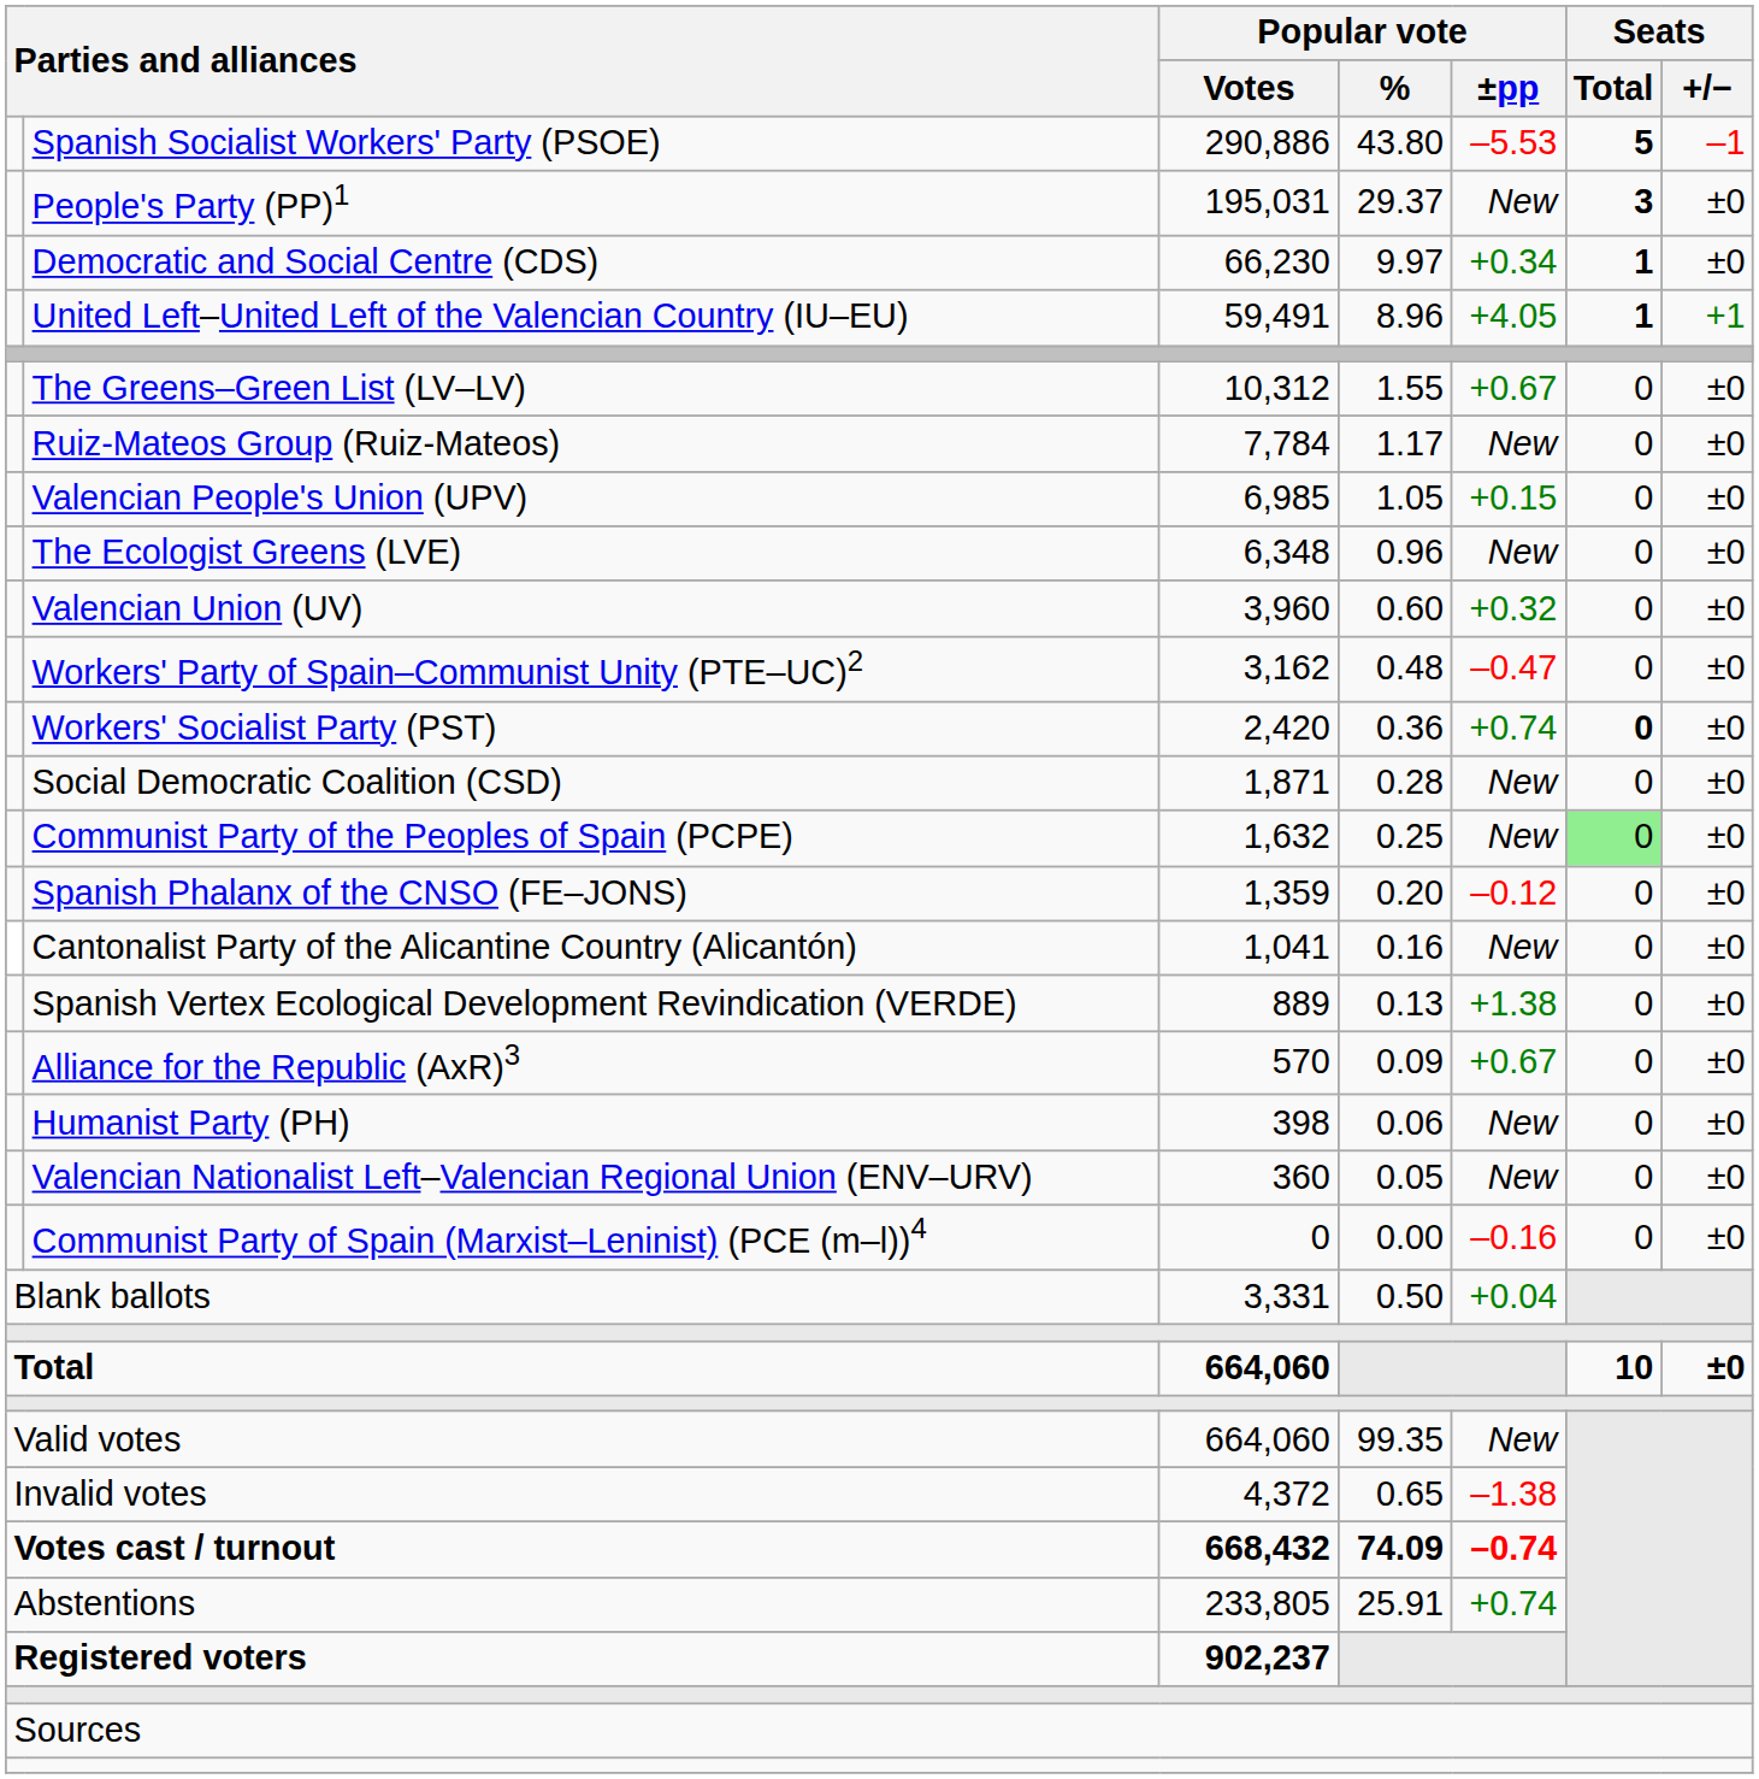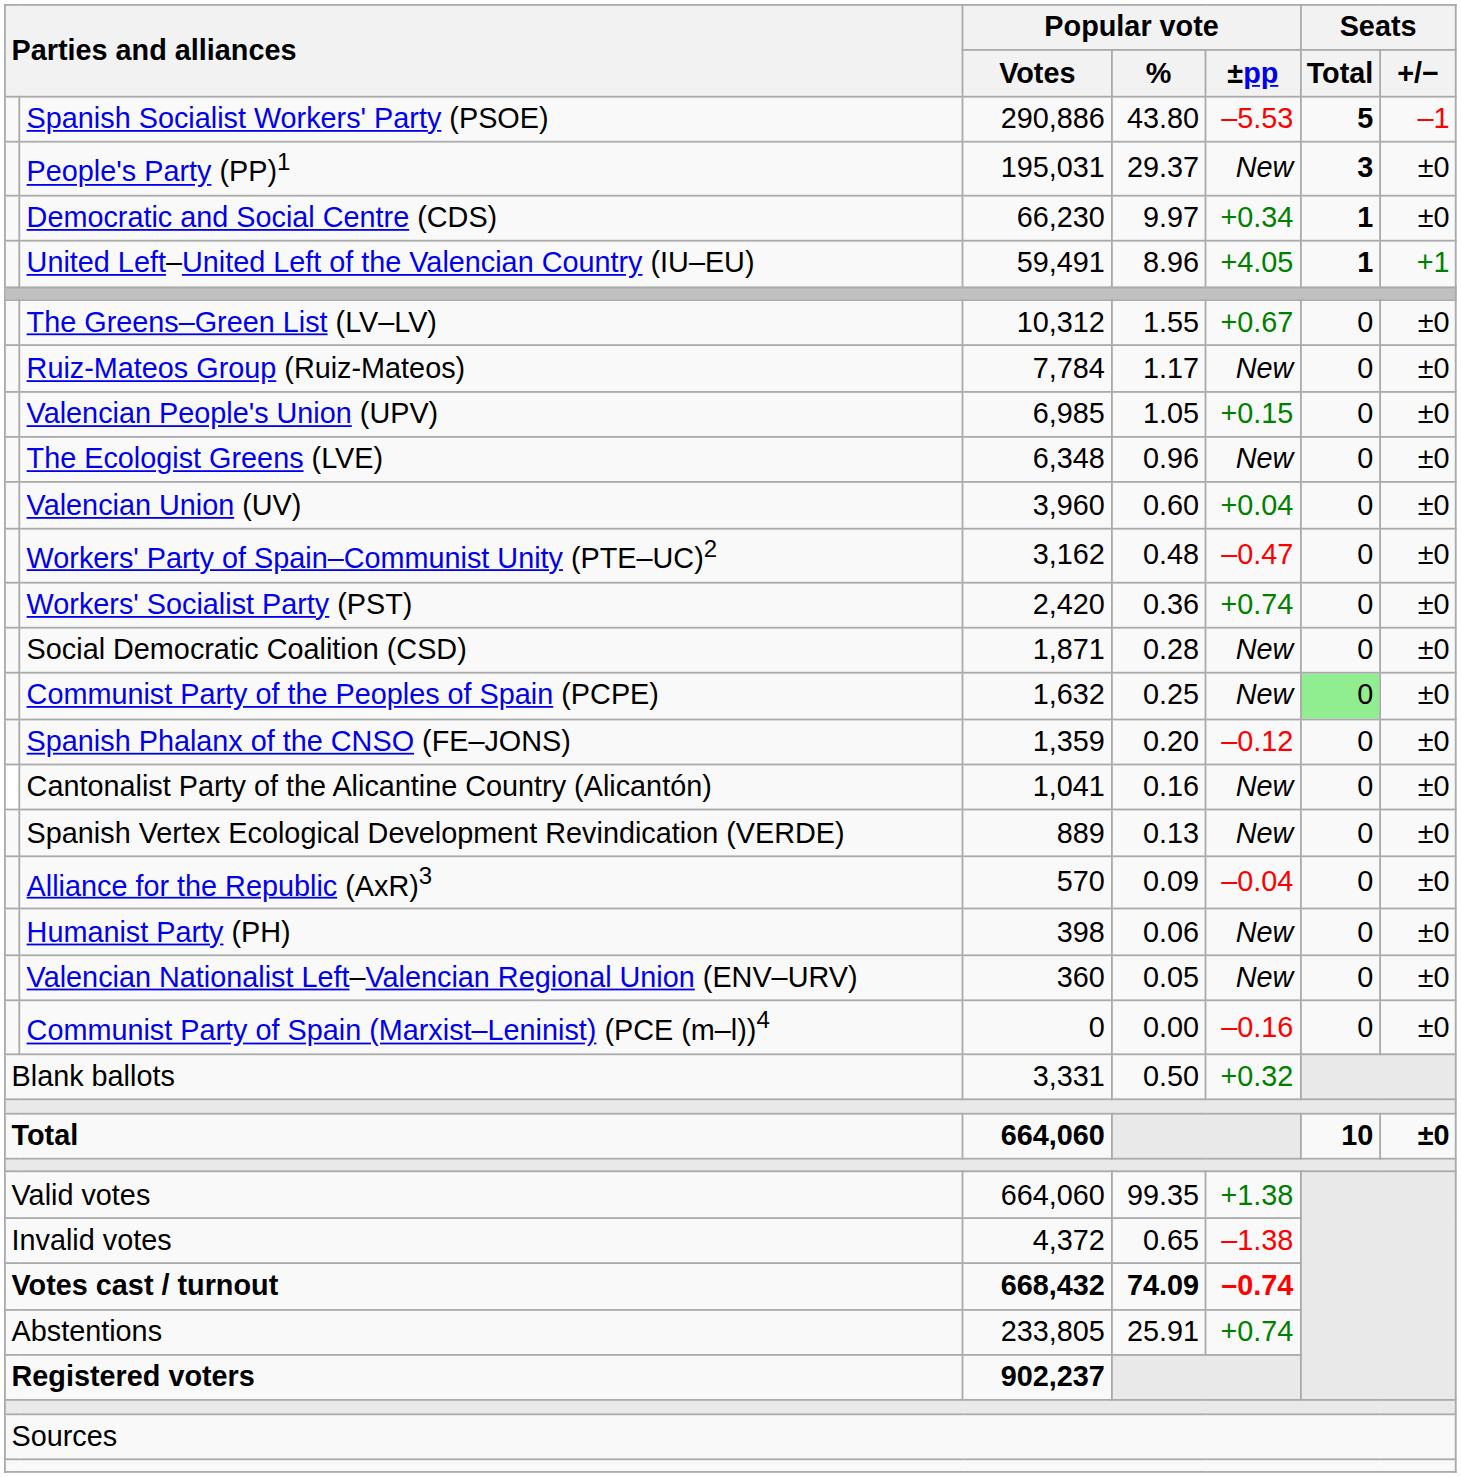 <table class="wikitable" style="text-align:right;">
 <tr>
 <th style="text-align:left;" rowspan="2" colspan="2" width="525">Parties and alliances</th>
 <th colspan="3">Popular vote</th>
 <th colspan="2">Seats</th>
 </tr>
 <tr>
 <th width="75">Votes</th>
 <th width="45">%</th>
 <th width="45">±<a href='#'>pp</a></th>
 <th width="35">Total</th>
 <th width="35">+/−</th>
 </tr>
 <tr>
 <td width="1" style="color:inherit;background:"></td>
 <td align="left"><a href='#'>Spanish Socialist Workers' Party</a> (PSOE)</td>
 <td>290,886</td>
 <td>43.80</td>
 <td style="color:red;">–5.53</td>
 <td><strong>5</strong></td>
 <td style="color:red;">–1</td>
 </tr>
 <tr>
 <td style="color:inherit;background:"></td>
 <td align="left"><a href='#'>People's Party</a> (PP)<sup>1</sup></td>
 <td>195,031</td>
 <td>29.37</td>
 <td><em>New</em></td>
 <td><strong>3</strong></td>
 <td>±0</td>
 </tr>
 <tr>
 <td style="color:inherit;background:"></td>
 <td align="left"><a href='#'>Democratic and Social Centre</a> (CDS)</td>
 <td>66,230</td>
 <td>9.97</td>
 <td style="color:green;">+0.34</td>
 <td><strong>1</strong></td>
 <td>±0</td>
 </tr>
 <tr>
 <td style="color:inherit;background:"></td>
 <td align="left"><a href='#'>United Left</a>–<a href='#'>United Left of the Valencian Country</a> (IU–EU)</td>
 <td>59,491</td>
 <td>8.96</td>
 <td style="color:green;">+4.05</td>
 <td><strong>1</strong></td>
 <td style="color:green;">+1</td>
 </tr>
 <tr>
 <td colspan="7" bgcolor="#C0C0C0"></td>
 </tr>
 <tr>
 <td style="color:inherit;background:"></td>
 <td align="left"><a href='#'>The Greens–Green List</a> (LV–LV)</td>
 <td>10,312</td>
 <td>1.55</td>
 <td style="color:green;">+0.67</td>
 <td>0</td>
 <td>±0</td>
 </tr>
 <tr>
 <td style="color:inherit;background:"></td>
 <td align="left"><a href='#'>Ruiz-Mateos Group</a> (Ruiz-Mateos)</td>
 <td>7,784</td>
 <td>1.17</td>
 <td><em>New</em></td>
 <td>0</td>
 <td>±0</td>
 </tr>
 <tr>
 <td style="color:inherit;background:"></td>
 <td align="left"><a href='#'>Valencian People's Union</a> (UPV)</td>
 <td>6,985</td>
 <td>1.05</td>
 <td style="color:green;">+0.15</td>
 <td>0</td>
 <td>±0</td>
 </tr>
 <tr>
 <td style="color:inherit;background:"></td>
 <td align="left"><a href='#'>The Ecologist Greens</a> (LVE)</td>
 <td>6,348</td>
 <td>0.96</td>
 <td><em>New</em></td>
 <td>0</td>
 <td>±0</td>
 </tr>
 <tr>
 <td style="color:inherit;background:"></td>
 <td align="left"><a href='#'>Valencian Union</a> (UV)</td>
 <td>3,960</td>
 <td>0.60</td>
-<td style="color:green;">+0.32</td>
+<td style="color:green;">+0.04</td>
 <td>0</td>
 <td>±0</td>
 </tr>
 <tr>
 <td style="color:inherit;background:"></td>
 <td align="left"><a href='#'>Workers' Party of Spain–Communist Unity</a> (PTE–UC)<sup>2</sup></td>
 <td>3,162</td>
 <td>0.48</td>
 <td style="color:red;">–0.47</td>
 <td>0</td>
 <td>±0</td>
 </tr>
 <tr>
 <td style="color:inherit;background:"></td>
 <td align="left"><a href='#'>Workers' Socialist Party</a> (PST)</td>
 <td>2,420</td>
 <td>0.36</td>
 <td style="color:green;">+0.74</td>
-<td><strong>0</strong></td>
+<td>0</td>
 <td>±0</td>
 </tr>
 <tr>
 <td style="color:inherit;background:"></td>
 <td align="left">Social Democratic Coalition (CSD)</td>
 <td>1,871</td>
 <td>0.28</td>
 <td><em>New</em></td>
 <td>0</td>
 <td>±0</td>
 </tr>
 <tr>
 <td style="color:inherit;background:"></td>
 <td align="left"><a href='#'>Communist Party of the Peoples of Spain</a> (PCPE)</td>
 <td>1,632</td>
 <td>0.25</td>
 <td><em>New</em></td>
 <td style="background: lightgreen;">0</td>
 <td>±0</td>
 </tr>
 <tr>
 <td style="color:inherit;background:"></td>
 <td align="left"><a href='#'>Spanish Phalanx of the CNSO</a> (FE–JONS)</td>
 <td>1,359</td>
 <td>0.20</td>
 <td style="color:red;">–0.12</td>
 <td>0</td>
 <td>±0</td>
 </tr>
 <tr>
 <td bgcolor="white"></td>
 <td align="left">Cantonalist Party of the Alicantine Country (Alicantón)</td>
 <td>1,041</td>
 <td>0.16</td>
 <td><em>New</em></td>
 <td>0</td>
 <td>±0</td>
 </tr>
 <tr>
 <td style="color:inherit;background:"></td>
 <td align="left">Spanish Vertex Ecological Development Revindication (VERDE)</td>
 <td>889</td>
 <td>0.13</td>
-<td style="color:green;">+1.38</td>
+<td><em>New</em></td>
 <td>0</td>
 <td>±0</td>
 </tr>
 <tr>
 <td style="color:inherit;background:"></td>
 <td align="left"><a href='#'>Alliance for the Republic</a> (AxR)<sup>3</sup></td>
 <td>570</td>
 <td>0.09</td>
-<td style="color:green;">+0.67</td>
+<td style="color:red;">–0.04</td>
 <td>0</td>
 <td>±0</td>
 </tr>
 <tr>
 <td style="color:inherit;background:"></td>
 <td align="left"><a href='#'>Humanist Party</a> (PH)</td>
 <td>398</td>
 <td>0.06</td>
 <td><em>New</em></td>
 <td>0</td>
 <td>±0</td>
 </tr>
 <tr>
 <td style="color:inherit;background:"></td>
 <td align="left"><a href='#'>Valencian Nationalist Left</a>–<a href='#'>Valencian Regional Union</a> (ENV–URV)</td>
 <td>360</td>
 <td>0.05</td>
 <td><em>New</em></td>
 <td>0</td>
 <td>±0</td>
 </tr>
 <tr>
 <td style="color:inherit;background:"></td>
 <td align="left"><a href='#'>Communist Party of Spain (Marxist–Leninist)</a> (PCE (m–l))<sup>4</sup></td>
 <td>0</td>
 <td>0.00</td>
 <td style="color:red;">–0.16</td>
 <td>0</td>
 <td>±0</td>
 </tr>
 <tr>
 <td align="left" colspan="2">Blank ballots</td>
 <td>3,331</td>
 <td>0.50</td>
-<td style="color:green;">+0.04</td>
+<td style="color:green;">+0.32</td>
 <td bgcolor="#E9E9E9" colspan="2"></td>
 </tr>
 <tr>
 <td colspan="7" bgcolor="#E9E9E9"></td>
 </tr>
 <tr style="font-weight:bold;">
 <td align="left" colspan="2">Total</td>
 <td>664,060</td>
 <td bgcolor="#E9E9E9" colspan="2"></td>
 <td>10</td>
 <td>±0</td>
 </tr>
 <tr>
 <td colspan="7" bgcolor="#E9E9E9"></td>
 </tr>
 <tr>
 <td align="left" colspan="2">Valid votes</td>
 <td>664,060</td>
 <td>99.35</td>
-<td><em>New</em></td>
+<td style="color:green;">+1.38</td>
 <td bgcolor="#E9E9E9" colspan="2" rowspan="5"></td>
 </tr>
 <tr>
 <td align="left" colspan="2">Invalid votes</td>
 <td>4,372</td>
 <td>0.65</td>
 <td style="color:red;">–1.38</td>
 </tr>
 <tr style="font-weight:bold;">
 <td align="left" colspan="2">Votes cast / turnout</td>
 <td>668,432</td>
 <td>74.09</td>
 <td style="color:red;">–0.74</td>
 </tr>
 <tr>
 <td align="left" colspan="2">Abstentions</td>
 <td>233,805</td>
 <td>25.91</td>
 <td style="color:green;">+0.74</td>
 </tr>
 <tr style="font-weight:bold;">
 <td align="left" colspan="2">Registered voters</td>
 <td>902,237</td>
 <td bgcolor="#E9E9E9" colspan="2"></td>
 </tr>
 <tr>
 <td colspan="7" bgcolor="#E9E9E9"></td>
 </tr>
 <tr>
 <td align="left" colspan="7">Sources</td>
 </tr>
 <tr>
 <td colspan="7" style="text-align:left; max-width:790px;"></td>
 </tr>
 </table>
